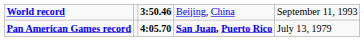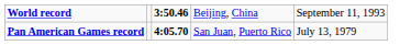 <table class="wikitable">
 <tr>
 <td><strong><a href='#'>World record</a></strong></td>
 <td></td>
 <td><strong>3:50.46</strong></td>
 <td><a href='#'>Beijing</a>, <a href='#'>China</a></td>
 <td>September 11, 1993</td>
 </tr>
 <tr>
 <td><strong><a href='#'>Pan American Games record</a></strong></td>
 <td></td>
 <td><strong>4:05.70</strong></td>
-<td><strong><a href='#'>San Juan</a>, <a href='#'>Puerto Rico</a></strong></td>
+<td><a href='#'>San Juan</a>, <a href='#'>Puerto Rico</a></td>
 <td>July 13, 1979</td>
 </tr>
 </table>
